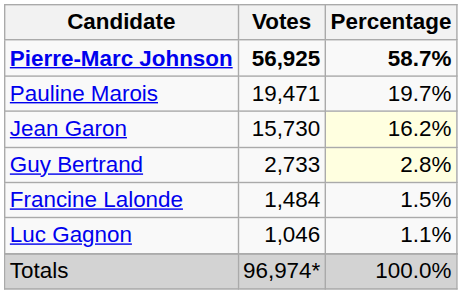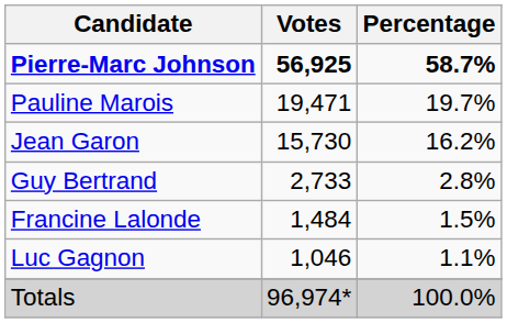 <table class="wikitable">
 <tr>
 <th>Candidate</th>
 <th>Votes</th>
 <th>Percentage</th>
 </tr>
 <tr>
 <td><strong><a href='#'>Pierre-Marc Johnson</a></strong></td>
 <td align="right"><strong>56,925</strong></td>
 <td align="right"><strong>58.7%</strong></td>
 </tr>
 <tr>
 <td><a href='#'>Pauline Marois</a></td>
 <td align="right">19,471</td>
 <td align="right">19.7%</td>
 </tr>
 <tr>
 <td><a href='#'>Jean Garon</a></td>
 <td align="right">15,730</td>
-<td align="right" style="background: lightyellow;">16.2%</td>
+<td align="right">16.2%</td>
 </tr>
 <tr>
 <td><a href='#'>Guy Bertrand</a></td>
 <td align="right">2,733</td>
-<td align="right" style="background: lightyellow;">2.8%</td>
+<td align="right">2.8%</td>
 </tr>
 <tr>
 <td><a href='#'>Francine Lalonde</a></td>
 <td align="right">1,484</td>
 <td align="right">1.5%</td>
 </tr>
 <tr>
 <td><a href='#'>Luc Gagnon</a></td>
 <td align="right">1,046</td>
 <td align="right">1.1%</td>
 </tr>
 <tr>
 </tr>
 <tr bgcolor=lightgrey>
 <td>Totals</td>
 <td align="right">96,974*</td>
 <td align="right">100.0%</td>
 </tr>
 </table>
